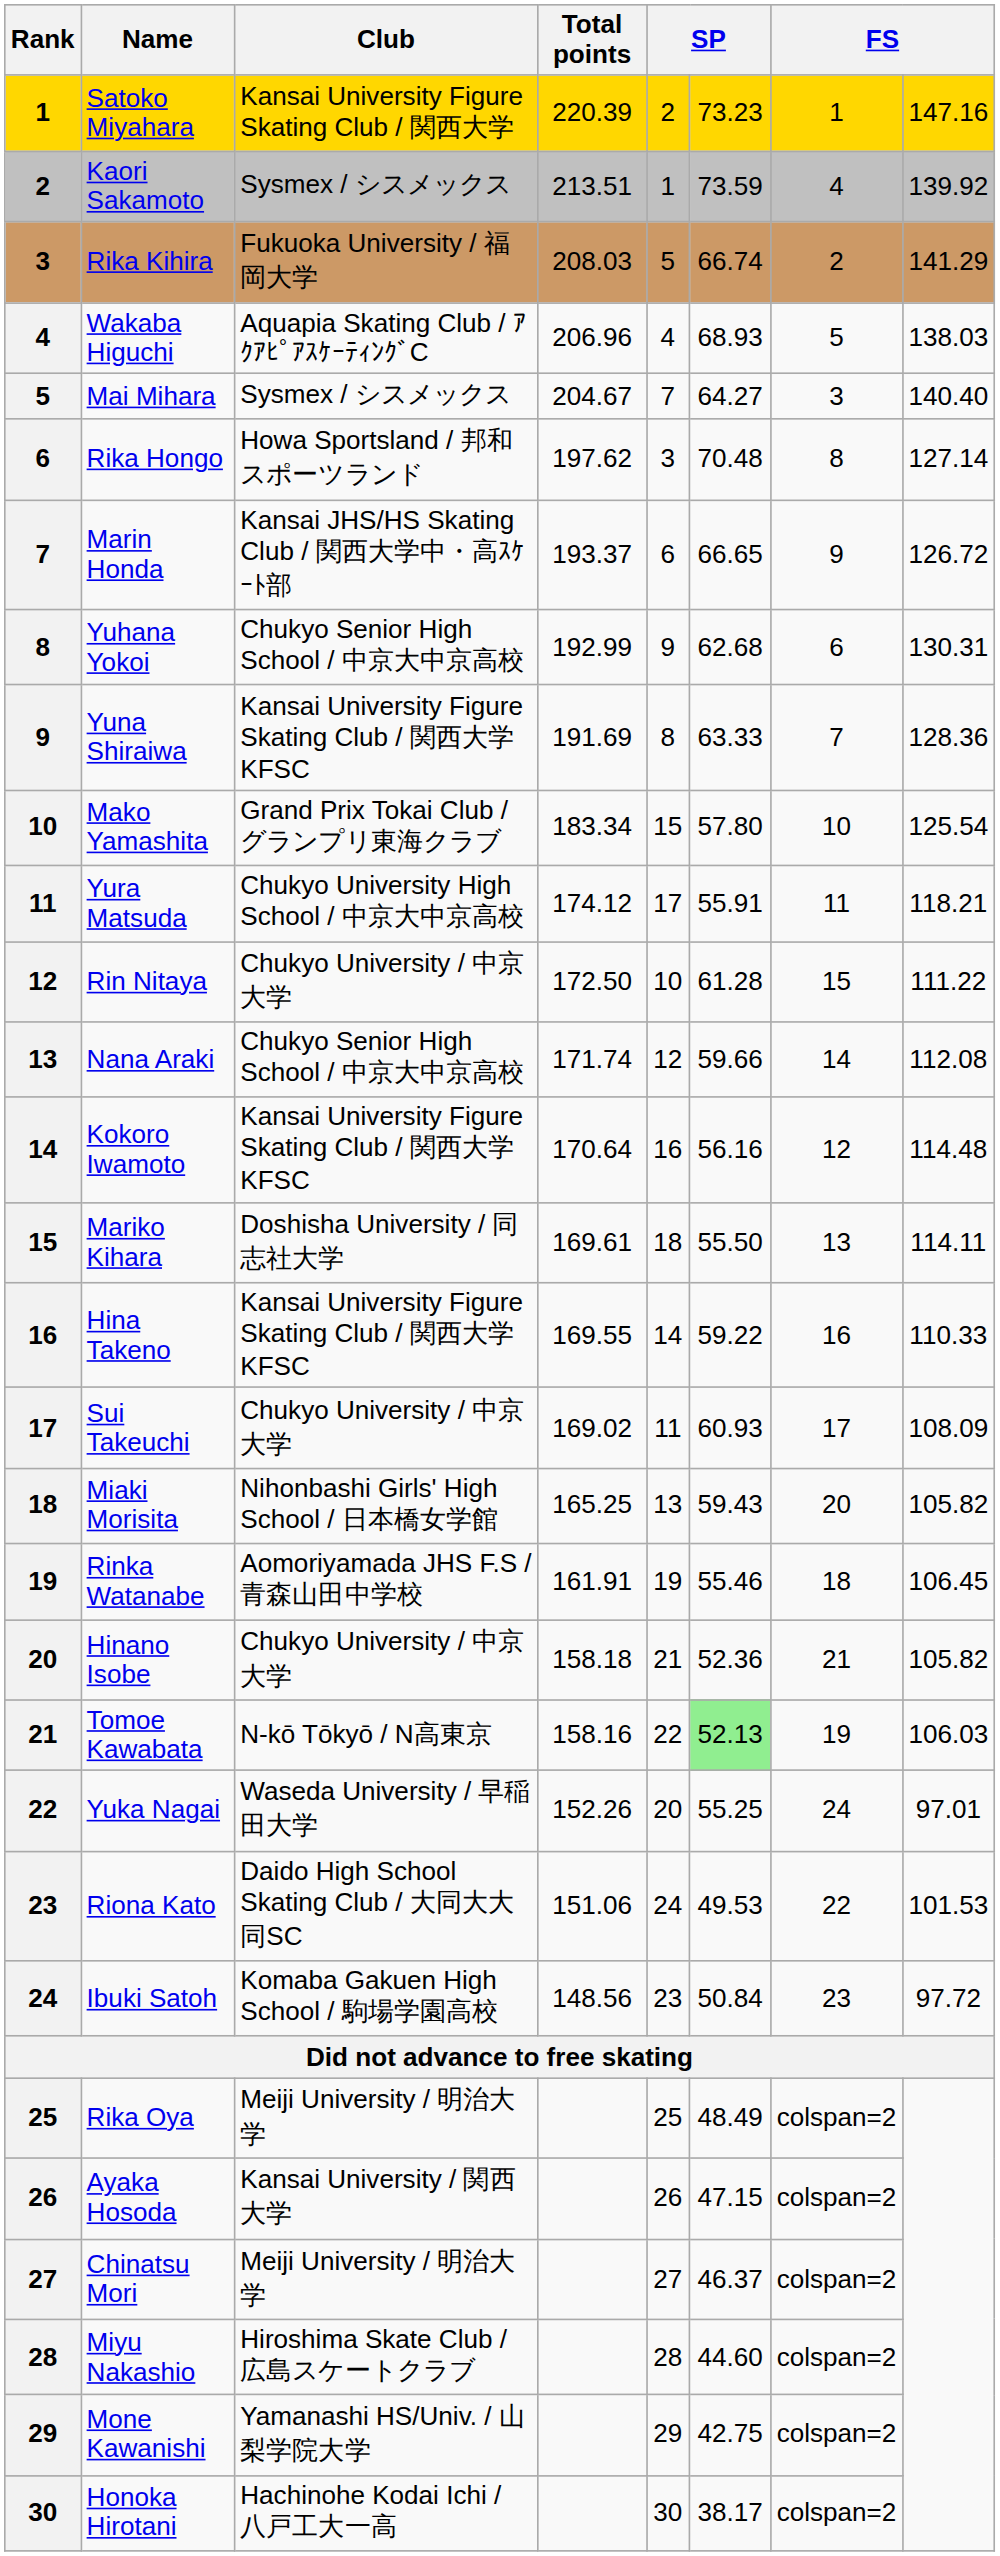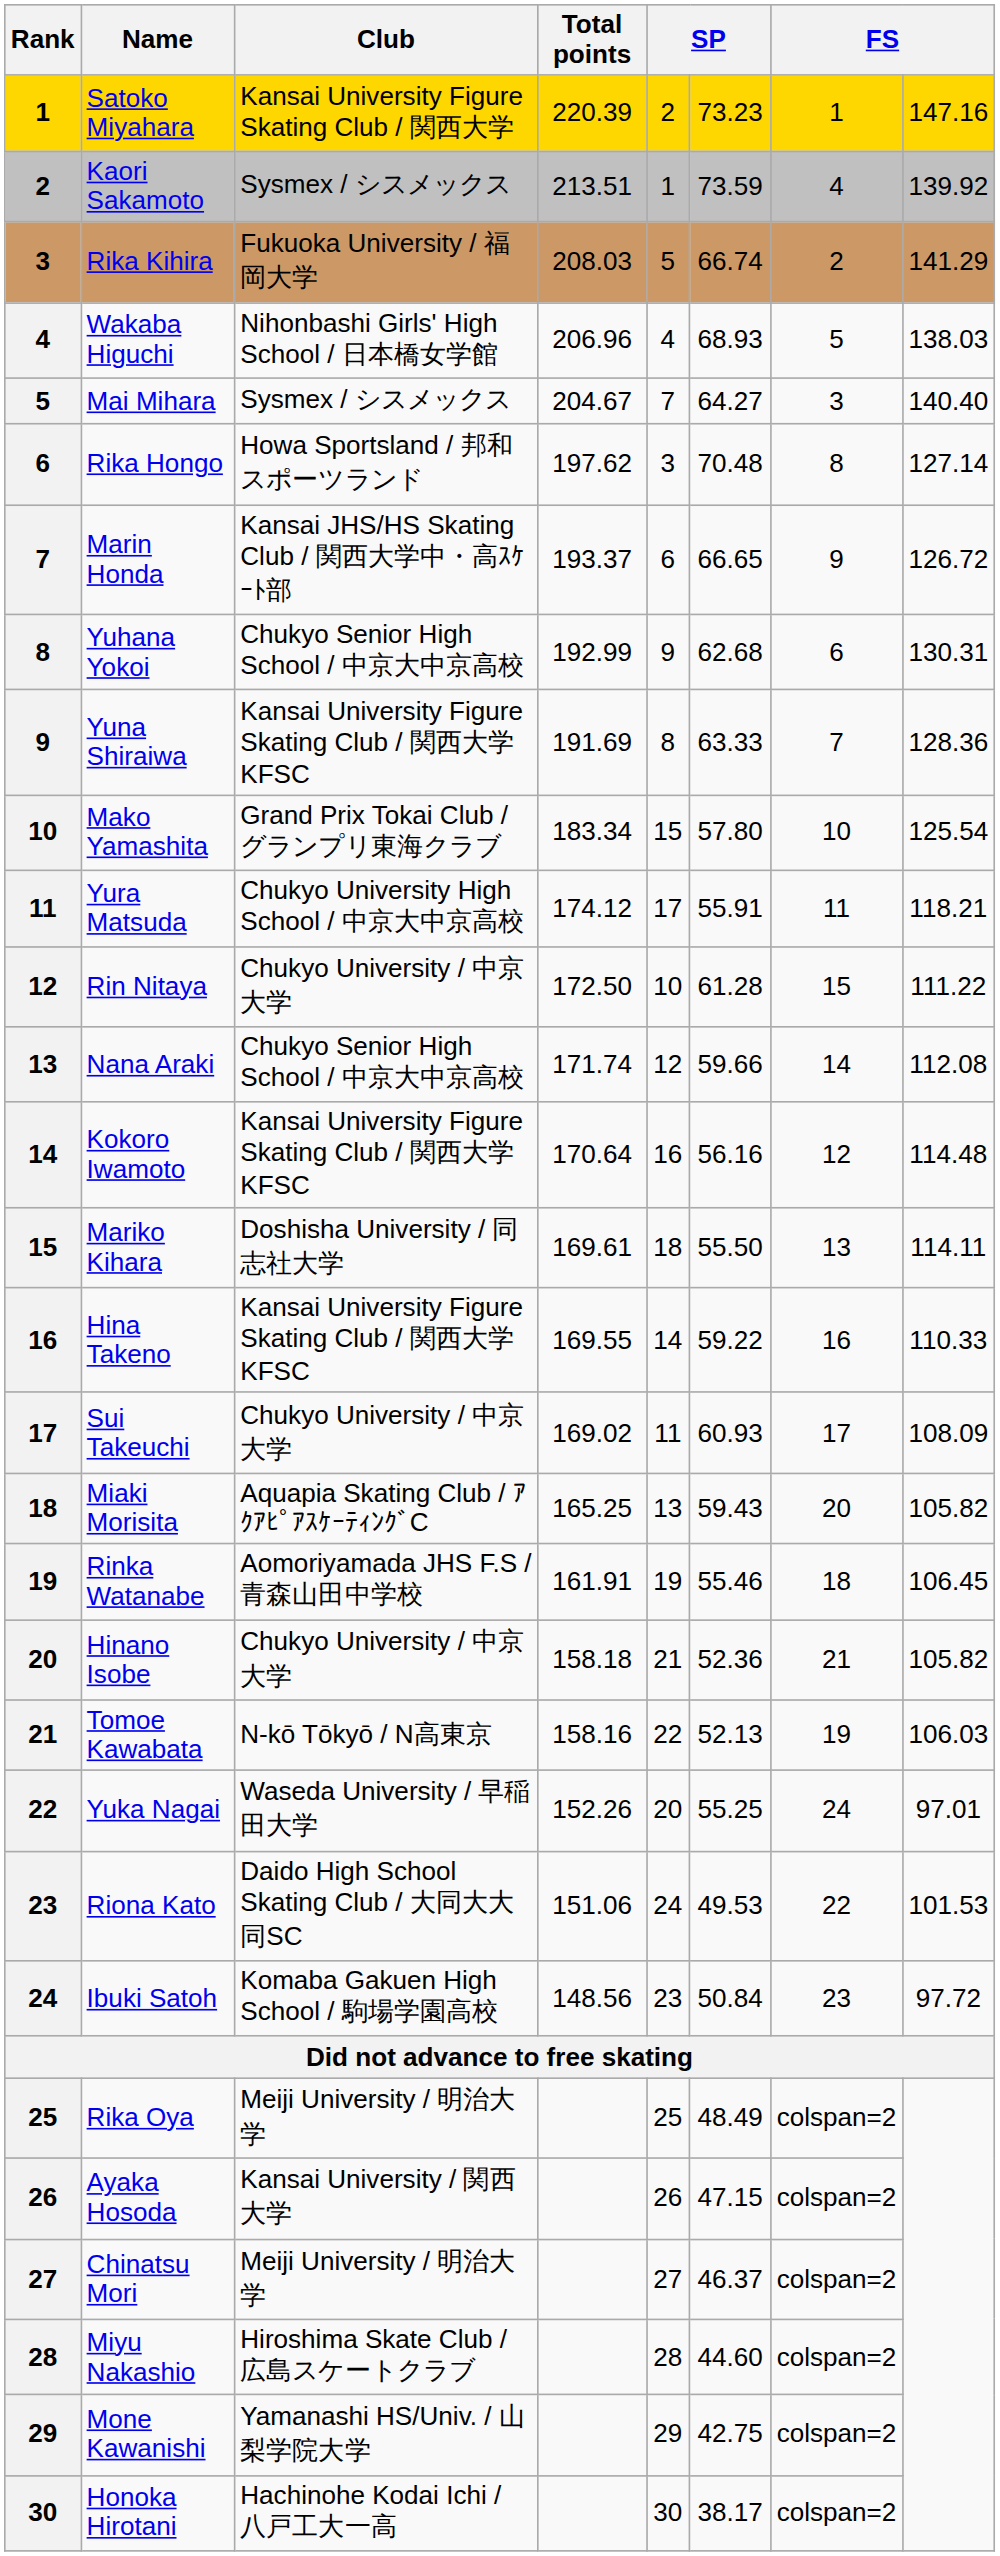 <table class="wikitable sortable">
 <tr>
 <th>Rank</th>
 <th>Name</th>
 <th>Club</th>
 <th>Total points</th>
 <th colspan="2" width="80px"><a href='#'>SP</a></th>
 <th colspan="2" width="80px"><a href='#'>FS</a></th>
 </tr>
 <tr bgcolor="gold">
 <td align="center"><strong>1</strong></td>
 <td><a href='#'>Satoko Miyahara</a></td>
 <td>Kansai University Figure Skating Club / 関西大学</td>
 <td align="center">220.39</td>
 <td align="center">2</td>
 <td align="center">73.23</td>
 <td align="center">1</td>
 <td align="center">147.16</td>
 </tr>
 <tr bgcolor="silver">
 <td align="center"><strong>2</strong></td>
 <td><a href='#'>Kaori Sakamoto</a></td>
 <td>Sysmex / シスメックス</td>
 <td align="center">213.51</td>
 <td align="center">1</td>
 <td align="center">73.59</td>
 <td align="center">4</td>
 <td align="center">139.92</td>
 </tr>
 <tr bgcolor="cc9966">
 <td align="center"><strong>3</strong></td>
 <td><a href='#'>Rika Kihira</a></td>
 <td>Fukuoka University / 福岡大学</td>
 <td align="center">208.03</td>
 <td align="center">5</td>
 <td align="center">66.74</td>
 <td align="center">2</td>
 <td align="center">141.29</td>
 </tr>
 <tr>
 <th>4</th>
 <td><a href='#'>Wakaba Higuchi</a></td>
-<td>Aquapia Skating Club / ｱｸｱﾋﾟｱｽｹｰﾃｨﾝｸﾞC</td>
+<td>Nihonbashi Girls' High School / 日本橋女学館</td>
 <td align="center">206.96</td>
 <td align="center">4</td>
 <td align="center">68.93</td>
 <td align="center">5</td>
 <td align="center">138.03</td>
 </tr>
 <tr>
 <th>5</th>
 <td><a href='#'>Mai Mihara</a></td>
 <td>Sysmex / シスメックス</td>
 <td align="center">204.67</td>
 <td align="center">7</td>
 <td align="center">64.27</td>
 <td align="center">3</td>
 <td align="center">140.40</td>
 </tr>
 <tr>
 <th>6</th>
 <td><a href='#'>Rika Hongo</a></td>
 <td>Howa Sportsland / 邦和スポーツランド</td>
 <td align="center">197.62</td>
 <td align="center">3</td>
 <td align="center">70.48</td>
 <td align="center">8</td>
 <td align="center">127.14</td>
 </tr>
 <tr>
 <th>7</th>
 <td><a href='#'>Marin Honda</a></td>
 <td>Kansai JHS/HS Skating Club / 関西大学中・高ｽｹｰﾄ部</td>
 <td align="center">193.37</td>
 <td align="center">6</td>
 <td align="center">66.65</td>
 <td align="center">9</td>
 <td align="center">126.72</td>
 </tr>
 <tr>
 <th>8</th>
 <td><a href='#'>Yuhana Yokoi</a></td>
 <td>Chukyo Senior High School / 中京大中京高校</td>
 <td align="center">192.99</td>
 <td align="center">9</td>
 <td align="center">62.68</td>
 <td align="center">6</td>
 <td align="center">130.31</td>
 </tr>
 <tr>
 <th>9</th>
 <td><a href='#'>Yuna Shiraiwa</a></td>
 <td>Kansai University Figure Skating Club / 関西大学KFSC</td>
 <td align="center">191.69</td>
 <td align="center">8</td>
 <td align="center">63.33</td>
 <td align="center">7</td>
 <td align="center">128.36</td>
 </tr>
 <tr>
 <th>10</th>
 <td><a href='#'>Mako Yamashita</a></td>
 <td>Grand Prix Tokai Club / グランプリ東海クラブ</td>
 <td align="center">183.34</td>
 <td align="center">15</td>
 <td align="center">57.80</td>
 <td align="center">10</td>
 <td align="center">125.54</td>
 </tr>
 <tr>
 <th>11</th>
 <td><a href='#'>Yura Matsuda</a></td>
 <td>Chukyo University High School / 中京大中京高校</td>
 <td align="center">174.12</td>
 <td align="center">17</td>
 <td align="center">55.91</td>
 <td align="center">11</td>
 <td align="center">118.21</td>
 </tr>
 <tr>
 <th>12</th>
 <td><a href='#'>Rin Nitaya</a></td>
 <td>Chukyo University / 中京大学</td>
 <td align="center">172.50</td>
 <td align="center">10</td>
 <td align="center">61.28</td>
 <td align="center">15</td>
 <td align="center">111.22</td>
 </tr>
 <tr>
 <th>13</th>
 <td><a href='#'>Nana Araki</a></td>
 <td>Chukyo Senior High School / 中京大中京高校</td>
 <td align="center">171.74</td>
 <td align="center">12</td>
 <td align="center">59.66</td>
 <td align="center">14</td>
 <td align="center">112.08</td>
 </tr>
 <tr>
 <th>14</th>
 <td><a href='#'>Kokoro Iwamoto</a></td>
 <td>Kansai University Figure Skating Club / 関西大学KFSC</td>
 <td align="center">170.64</td>
 <td align="center">16</td>
 <td align="center">56.16</td>
 <td align="center">12</td>
 <td align="center">114.48</td>
 </tr>
 <tr>
 <th>15</th>
 <td><a href='#'>Mariko Kihara</a></td>
 <td>Doshisha University / 同志社大学</td>
 <td align="center">169.61</td>
 <td align="center">18</td>
 <td align="center">55.50</td>
 <td align="center">13</td>
 <td align="center">114.11</td>
 </tr>
 <tr>
 <th>16</th>
 <td><a href='#'>Hina Takeno</a></td>
 <td>Kansai University Figure Skating Club / 関西大学KFSC</td>
 <td align="center">169.55</td>
 <td align="center">14</td>
 <td align="center">59.22</td>
 <td align="center">16</td>
 <td align="center">110.33</td>
 </tr>
 <tr>
 <th>17</th>
 <td><a href='#'>Sui Takeuchi</a></td>
 <td>Chukyo University / 中京大学</td>
 <td align="center">169.02</td>
 <td align="center">11</td>
 <td align="center">60.93</td>
 <td align="center">17</td>
 <td align="center">108.09</td>
 </tr>
 <tr>
 <th>18</th>
 <td><a href='#'>Miaki Morisita</a></td>
-<td>Nihonbashi Girls' High School / 日本橋女学館</td>
+<td>Aquapia Skating Club / ｱｸｱﾋﾟｱｽｹｰﾃｨﾝｸﾞC</td>
 <td align="center">165.25</td>
 <td align="center">13</td>
 <td align="center">59.43</td>
 <td align="center">20</td>
 <td align="center">105.82</td>
 </tr>
 <tr>
 <th>19</th>
 <td><a href='#'>Rinka Watanabe</a></td>
 <td>Aomoriyamada JHS F.S / 青森山田中学校</td>
 <td align="center">161.91</td>
 <td align="center">19</td>
 <td align="center">55.46</td>
 <td align="center">18</td>
 <td align="center">106.45</td>
 </tr>
 <tr>
 <th>20</th>
 <td><a href='#'>Hinano Isobe</a></td>
 <td>Chukyo University / 中京大学</td>
 <td align="center">158.18</td>
 <td align="center">21</td>
 <td align="center">52.36</td>
 <td align="center">21</td>
 <td align="center">105.82</td>
 </tr>
 <tr>
 <th>21</th>
 <td><a href='#'>Tomoe Kawabata</a></td>
 <td>N-kō Tōkyō / N高東京</td>
 <td align="center">158.16</td>
 <td align="center">22</td>
-<td align="center" style="background: lightgreen;">52.13</td>
+<td align="center">52.13</td>
 <td align="center">19</td>
 <td align="center">106.03</td>
 </tr>
 <tr>
 <th>22</th>
 <td><a href='#'>Yuka Nagai</a></td>
 <td>Waseda University / 早稲田大学</td>
 <td align="center">152.26</td>
 <td align="center">20</td>
 <td align="center">55.25</td>
 <td align="center">24</td>
 <td align="center">97.01</td>
 </tr>
 <tr>
 <th>23</th>
 <td><a href='#'>Riona Kato</a></td>
 <td>Daido High School Skating Club / 大同大大同SC</td>
 <td align="center">151.06</td>
 <td align="center">24</td>
 <td align="center">49.53</td>
 <td align="center">22</td>
 <td align="center">101.53</td>
 </tr>
 <tr>
 <th>24</th>
 <td><a href='#'>Ibuki Satoh</a></td>
 <td>Komaba Gakuen High School / 駒場学園高校</td>
 <td align="center">148.56</td>
 <td align="center">23</td>
 <td align="center">50.84</td>
 <td align="center">23</td>
 <td align="center">97.72</td>
 </tr>
 <tr>
 <th colspan=8>Did not advance to free skating</th>
 </tr>
 <tr>
 <th>25</th>
 <td><a href='#'>Rika Oya</a></td>
 <td>Meiji University / 明治大学</td>
 <td></td>
 <td align="center">25</td>
 <td align="center">48.49</td>
 <td>colspan=2 </td>
 </tr>
 <tr>
 <th>26</th>
 <td><a href='#'>Ayaka Hosoda</a></td>
 <td>Kansai University / 関西大学</td>
 <td></td>
 <td align="center">26</td>
 <td align="center">47.15</td>
 <td>colspan=2 </td>
 </tr>
 <tr>
 <th>27</th>
 <td><a href='#'>Chinatsu Mori</a></td>
 <td>Meiji University / 明治大学</td>
 <td></td>
 <td align="center">27</td>
 <td align="center">46.37</td>
 <td>colspan=2 </td>
 </tr>
 <tr>
 <th>28</th>
 <td><a href='#'>Miyu Nakashio</a></td>
 <td>Hiroshima Skate Club / 広島スケートクラブ</td>
 <td></td>
 <td align="center">28</td>
 <td align="center">44.60</td>
 <td>colspan=2 </td>
 </tr>
 <tr>
 <th>29</th>
 <td><a href='#'>Mone Kawanishi</a></td>
 <td>Yamanashi HS/Univ. / 山梨学院大学</td>
 <td></td>
 <td align="center">29</td>
 <td align="center">42.75</td>
 <td>colspan=2 </td>
 </tr>
 <tr>
 <th>30</th>
 <td><a href='#'>Honoka Hirotani</a></td>
 <td>Hachinohe Kodai Ichi / 八戸工大一高</td>
 <td></td>
 <td align="center">30</td>
 <td align="center">38.17</td>
 <td>colspan=2 </td>
 </tr>
 </table>
